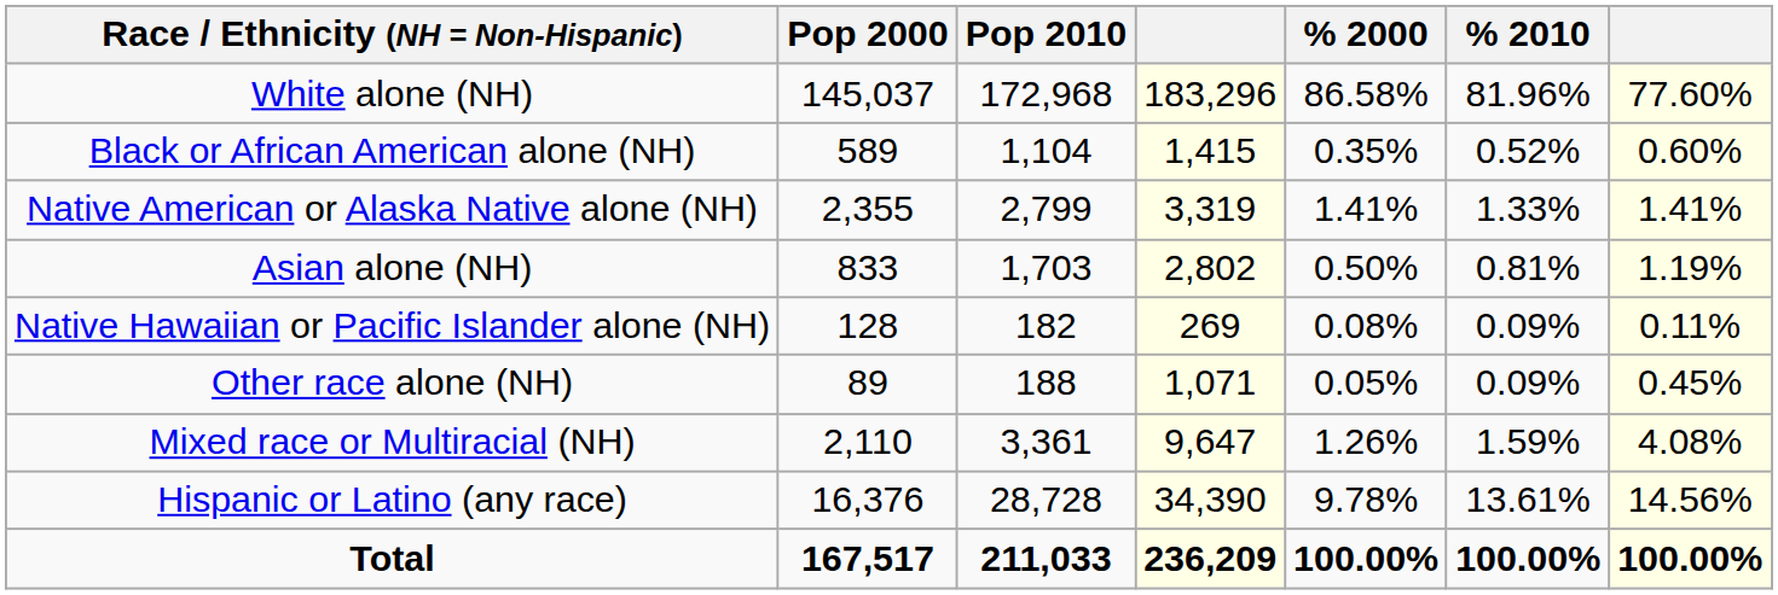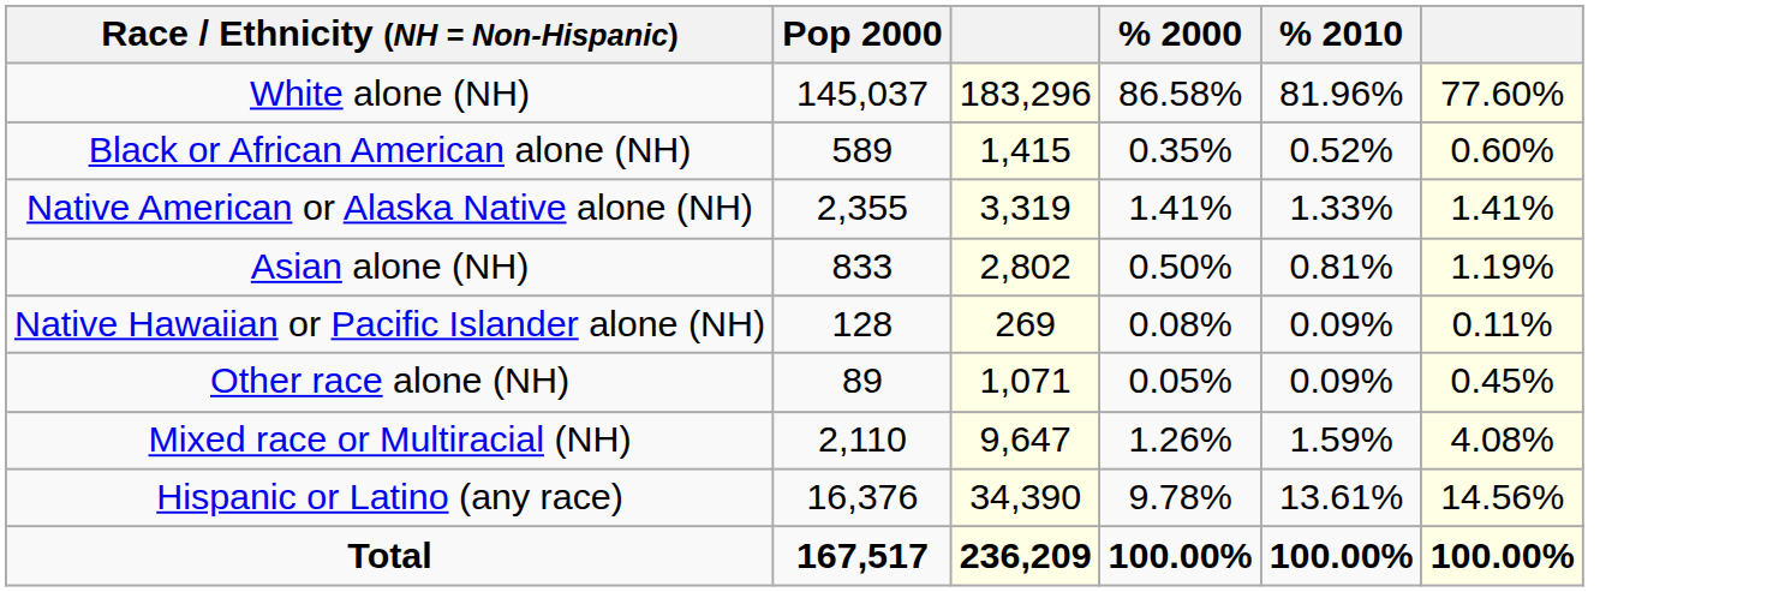 <table class="wikitable" style="text-align:center;">
 <tr>
 <th>Race / Ethnicity <small>(<em>NH = Non-Hispanic</em>)</small></th>
 <th>Pop 2000</th>
-<th>Pop 2010</th>
 <th></th>
 <th>% 2000</th>
 <th>% 2010</th>
 <th></th>
 </tr>
 <tr>
 <td><a href='#'>White</a> alone (NH)</td>
 <td>145,037</td>
-<td>172,968</td>
 <td style='background: #ffffe6;'>183,296</td>
 <td>86.58%</td>
 <td>81.96%</td>
 <td style='background: #ffffe6;'>77.60%</td>
 </tr>
 <tr>
 <td><a href='#'>Black or African American</a> alone (NH)</td>
 <td>589</td>
-<td>1,104</td>
 <td style='background: #ffffe6;'>1,415</td>
 <td>0.35%</td>
 <td>0.52%</td>
 <td style='background: #ffffe6;'>0.60%</td>
 </tr>
 <tr>
 <td><a href='#'>Native American</a> or <a href='#'>Alaska Native</a> alone (NH)</td>
 <td>2,355</td>
-<td>2,799</td>
 <td style='background: #ffffe6;'>3,319</td>
 <td>1.41%</td>
 <td>1.33%</td>
 <td style='background: #ffffe6;'>1.41%</td>
 </tr>
 <tr>
 <td><a href='#'>Asian</a> alone (NH)</td>
 <td>833</td>
-<td>1,703</td>
 <td style='background: #ffffe6;'>2,802</td>
 <td>0.50%</td>
 <td>0.81%</td>
 <td style='background: #ffffe6;'>1.19%</td>
 </tr>
 <tr>
 <td><a href='#'>Native Hawaiian</a> or <a href='#'>Pacific Islander</a> alone (NH)</td>
 <td>128</td>
-<td>182</td>
 <td style='background: #ffffe6;'>269</td>
 <td>0.08%</td>
 <td>0.09%</td>
 <td style='background: #ffffe6;'>0.11%</td>
 </tr>
 <tr>
 <td><a href='#'>Other race</a> alone (NH)</td>
 <td>89</td>
-<td>188</td>
 <td style='background: #ffffe6;'>1,071</td>
 <td>0.05%</td>
 <td>0.09%</td>
 <td style='background: #ffffe6;'>0.45%</td>
 </tr>
 <tr>
 <td><a href='#'>Mixed race or Multiracial</a> (NH)</td>
 <td>2,110</td>
-<td>3,361</td>
 <td style='background: #ffffe6;'>9,647</td>
 <td>1.26%</td>
 <td>1.59%</td>
 <td style='background: #ffffe6;'>4.08%</td>
 </tr>
 <tr>
 <td><a href='#'>Hispanic or Latino</a> (any race)</td>
 <td>16,376</td>
-<td>28,728</td>
 <td style='background: #ffffe6;'>34,390</td>
 <td>9.78%</td>
 <td>13.61%</td>
 <td style='background: #ffffe6;'>14.56%</td>
 </tr>
 <tr>
 <td><strong>Total</strong></td>
 <td><strong>167,517</strong></td>
-<td><strong>211,033</strong></td>
 <td style='background: #ffffe6;'><strong>236,209</strong></td>
 <td><strong>100.00%</strong></td>
 <td><strong>100.00%</strong></td>
 <td style='background: #ffffe6;'><strong>100.00%</strong></td>
 </tr>
 </table>
